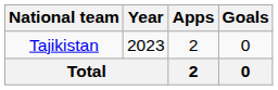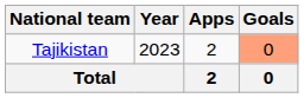 <table class="wikitable" style="text-align:center">
 <tr>
 <th>National team</th>
 <th>Year</th>
 <th>Apps</th>
 <th>Goals</th>
 </tr>
 <tr>
 <td rowspan="1"><a href='#'>Tajikistan</a></td>
 <td>2023</td>
 <td>2</td>
-<td>0</td>
+<td style="background: lightsalmon;">0</td>
 </tr>
 <tr>
 <th colspan="2">Total</th>
 <th>2</th>
 <th>0</th>
 </tr>
 </table>
